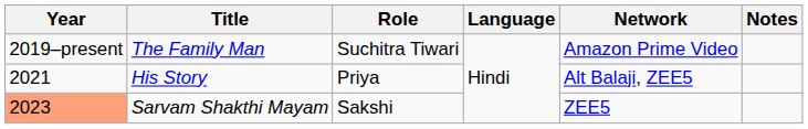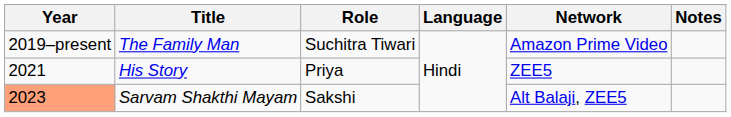 <table class="wikitable plainrowheaders sortable">
 <tr>
 <th scope="col">Year</th>
 <th scope="col">Title</th>
 <th scope="col">Role</th>
 <th scope="col">Language</th>
 <th scope="col">Network</th>
 <th scope="col" class="unsortable">Notes</th>
 </tr>
 <tr>
 <td>2019–present</td>
 <td><a href='#'><em>The Family Man</em></a></td>
 <td>Suchitra Tiwari</td>
 <td rowspan="3">Hindi</td>
 <td><a href='#'>Amazon Prime Video</a></td>
 <td></td>
 </tr>
 <tr>
 <td>2021</td>
 <td><em><a href='#'>His Story</a></em></td>
 <td>Priya</td>
-<td><a href='#'>Alt Balaji</a>, <a href='#'>ZEE5</a></td>
+<td><a href='#'>ZEE5</a></td>
 <td></td>
 </tr>
 <tr>
 <td style="background: lightsalmon;">2023</td>
 <td><em>Sarvam Shakthi Mayam</em></td>
 <td>Sakshi</td>
-<td><a href='#'>ZEE5</a></td>
+<td><a href='#'>Alt Balaji</a>, <a href='#'>ZEE5</a></td>
 <td></td>
 </tr>
 </table>
